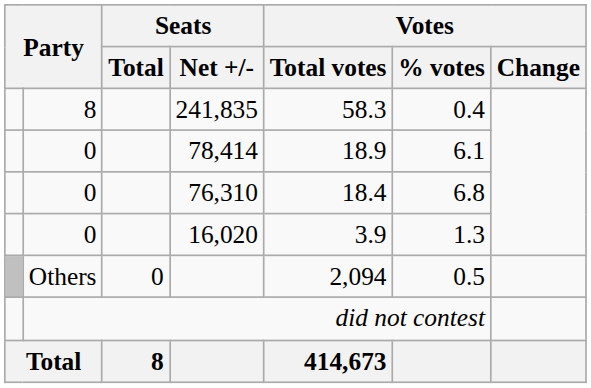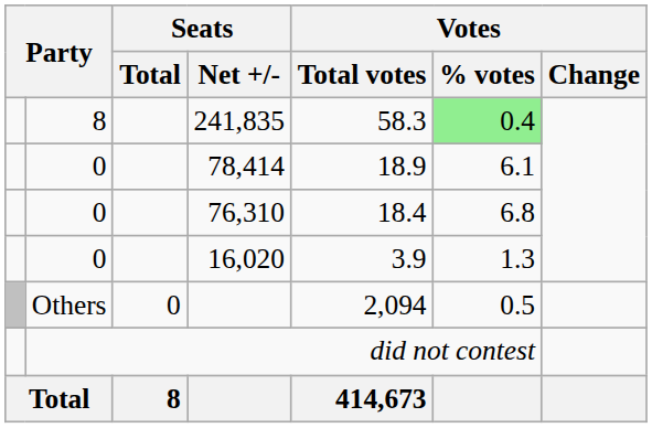 <table class="wikitable" style="text-align:right; font-size:95%;">
 <tr>
 <th colspan="2" rowspan="2">Party</th>
 <th colspan="2">Seats</th>
 <th colspan="3">Votes</th>
 </tr>
 <tr>
 <th>Total</th>
 <th>Net +/-</th>
 <th>Total votes</th>
 <th>% votes</th>
 <th>Change</th>
 </tr>
 <tr>
 <td></td>
 <td>8</td>
 <td></td>
 <td>241,835</td>
 <td>58.3</td>
-<td>0.4</td>
+<td style="background: lightgreen;">0.4</td>
 </tr>
 <tr>
 <td></td>
 <td>0</td>
 <td></td>
 <td>78,414</td>
 <td>18.9</td>
 <td>6.1</td>
 </tr>
 <tr>
 <td></td>
 <td>0</td>
 <td></td>
 <td>76,310</td>
 <td>18.4</td>
 <td>6.8</td>
 </tr>
 <tr>
 <td></td>
 <td>0</td>
 <td></td>
 <td>16,020</td>
 <td>3.9</td>
 <td>1.3</td>
 </tr>
 <tr>
 <td style="background:silver;"> </td>
 <td align=left>Others</td>
 <td>0</td>
 <td></td>
 <td>2,094</td>
 <td>0.5</td>
 <td></td>
 </tr>
 <tr>
 <td></td>
 <td colspan="5"><em>did not contest</em></td>
 </tr>
 <tr>
 <th colspan="2" style="background:#f2f2f2">Total</th>
 <td style="background:#f2f2f2;"><strong>8</strong></td>
 <td style="background:#f2f2f2;"></td>
 <td style="background:#f2f2f2;"><strong>414,673</strong></td>
 <td style="background:#f2f2f2;"></td>
 <td style="background:#f2f2f2;"></td>
 </tr>
 </table>
